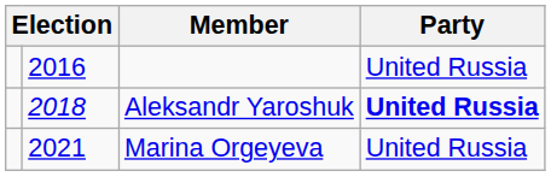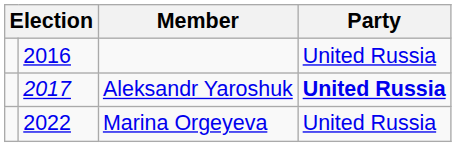 <table class="wikitable">
 <tr>
 <th colspan="2">Election</th>
 <th>Member</th>
 <th>Party</th>
 </tr>
 <tr>
 <td style="background-color:"></td>
 <td><a href='#'>2016</a></td>
 <td></td>
 <td><a href='#'>United Russia</a></td>
 </tr>
 <tr>
 <td style="background-color:"></td>
-<td><em><a href='#'>2018</a></em></td>
+<td><em><a href='#'>2017</a></em></td>
 <td><a href='#'>Aleksandr Yaroshuk</a></td>
 <td><strong><a href='#'>United Russia</a></strong></td>
 </tr>
 <tr>
 <td style="background-color:"></td>
-<td><a href='#'>2021</a></td>
+<td><a href='#'>2022</a></td>
 <td><a href='#'>Marina Orgeyeva</a></td>
 <td><a href='#'>United Russia</a></td>
 </tr>
 </table>
